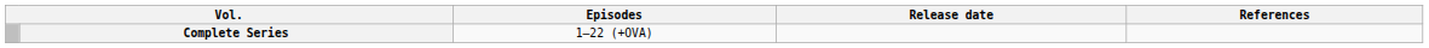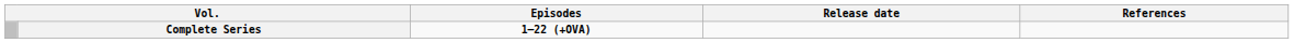 <table class="wikitable" style="text-align: center; width: 100%;">
 <tr>
 <th colspan="2" scope=colgroup>Vol.</th>
 <th scope=col>Episodes</th>
 <th scope=col>Release date</th>
 <th scope=col>References</th>
 </tr>
 <tr>
 <td width="1%" style="background: #bfbfbf;"></td>
 <th scope=row>Complete Series</th>
-<td>1–22 (+OVA)</td>
+<td><strong>1–22 (+OVA)</strong></td>
 <td></td>
 <td></td>
 </tr>
 </table>
